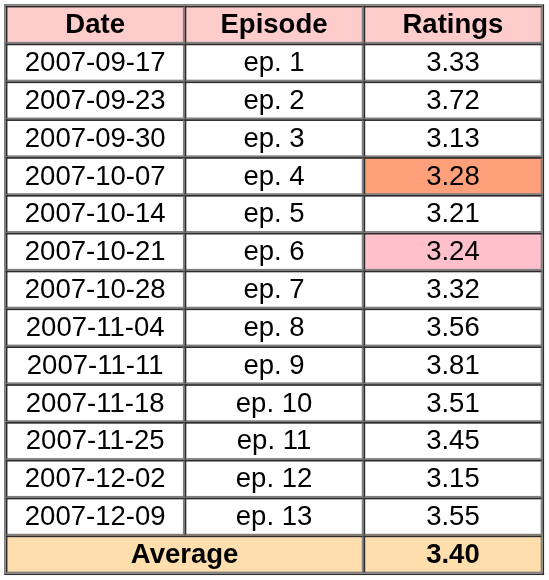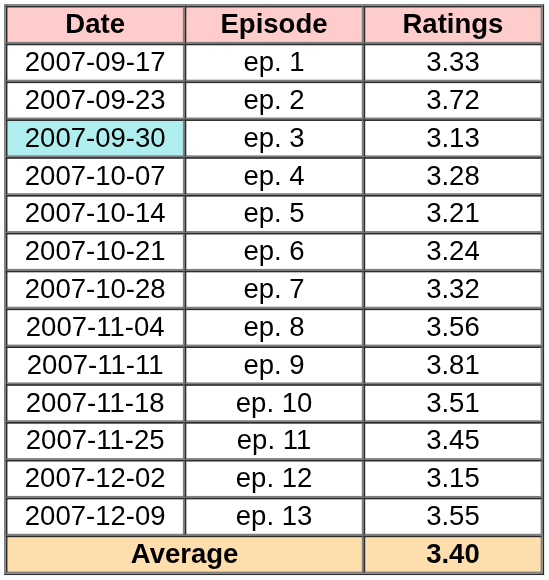 <table border="1" cellpadding="1" cellspacing="0">
 <tr>
 <th width=100 bgcolor="#FFCCCC">Date</th>
 <th width=100 bgcolor="#FFCCCC">Episode</th>
 <th width=100 bgcolor="#FFCCCC">Ratings</th>
 </tr>
 <tr align="center">
 <td>2007-09-17</td>
 <td>ep. 1</td>
 <td>3.33</td>
 </tr>
 <tr align="center">
 <td>2007-09-23</td>
 <td>ep. 2</td>
 <td>3.72</td>
 </tr>
 <tr align="center">
-<td>2007-09-30</td>
+<td style="background: paleturquoise;">2007-09-30</td>
 <td>ep. 3</td>
 <td>3.13</td>
 </tr>
 <tr align="center">
 <td>2007-10-07</td>
 <td>ep. 4</td>
-<td style="background: lightsalmon;">3.28</td>
+<td>3.28</td>
 </tr>
 <tr align="center">
 <td>2007-10-14</td>
 <td>ep. 5</td>
 <td>3.21</td>
 </tr>
 <tr align="center">
 <td>2007-10-21</td>
 <td>ep. 6</td>
-<td style="background: pink;">3.24</td>
+<td>3.24</td>
 </tr>
 <tr align="center">
 <td>2007-10-28</td>
 <td>ep. 7</td>
 <td>3.32</td>
 </tr>
 <tr align="center">
 <td>2007-11-04</td>
 <td>ep. 8</td>
 <td>3.56</td>
 </tr>
 <tr align="center">
 <td>2007-11-11</td>
 <td>ep. 9</td>
 <td>3.81</td>
 </tr>
 <tr align="center">
 <td>2007-11-18</td>
 <td>ep. 10</td>
 <td>3.51</td>
 </tr>
 <tr align="center">
 <td>2007-11-25</td>
 <td>ep. 11</td>
 <td>3.45</td>
 </tr>
 <tr align="center">
 <td>2007-12-02</td>
 <td>ep. 12</td>
 <td>3.15</td>
 </tr>
 <tr align="center">
 <td>2007-12-09</td>
 <td>ep. 13</td>
 <td>3.55</td>
 </tr>
 <tr align="center">
 </tr>
 <tr align="center" style="background:#ffdead;">
 <th colspan=2>Average</th>
 <th>3.40</th>
 </tr>
 </table>
